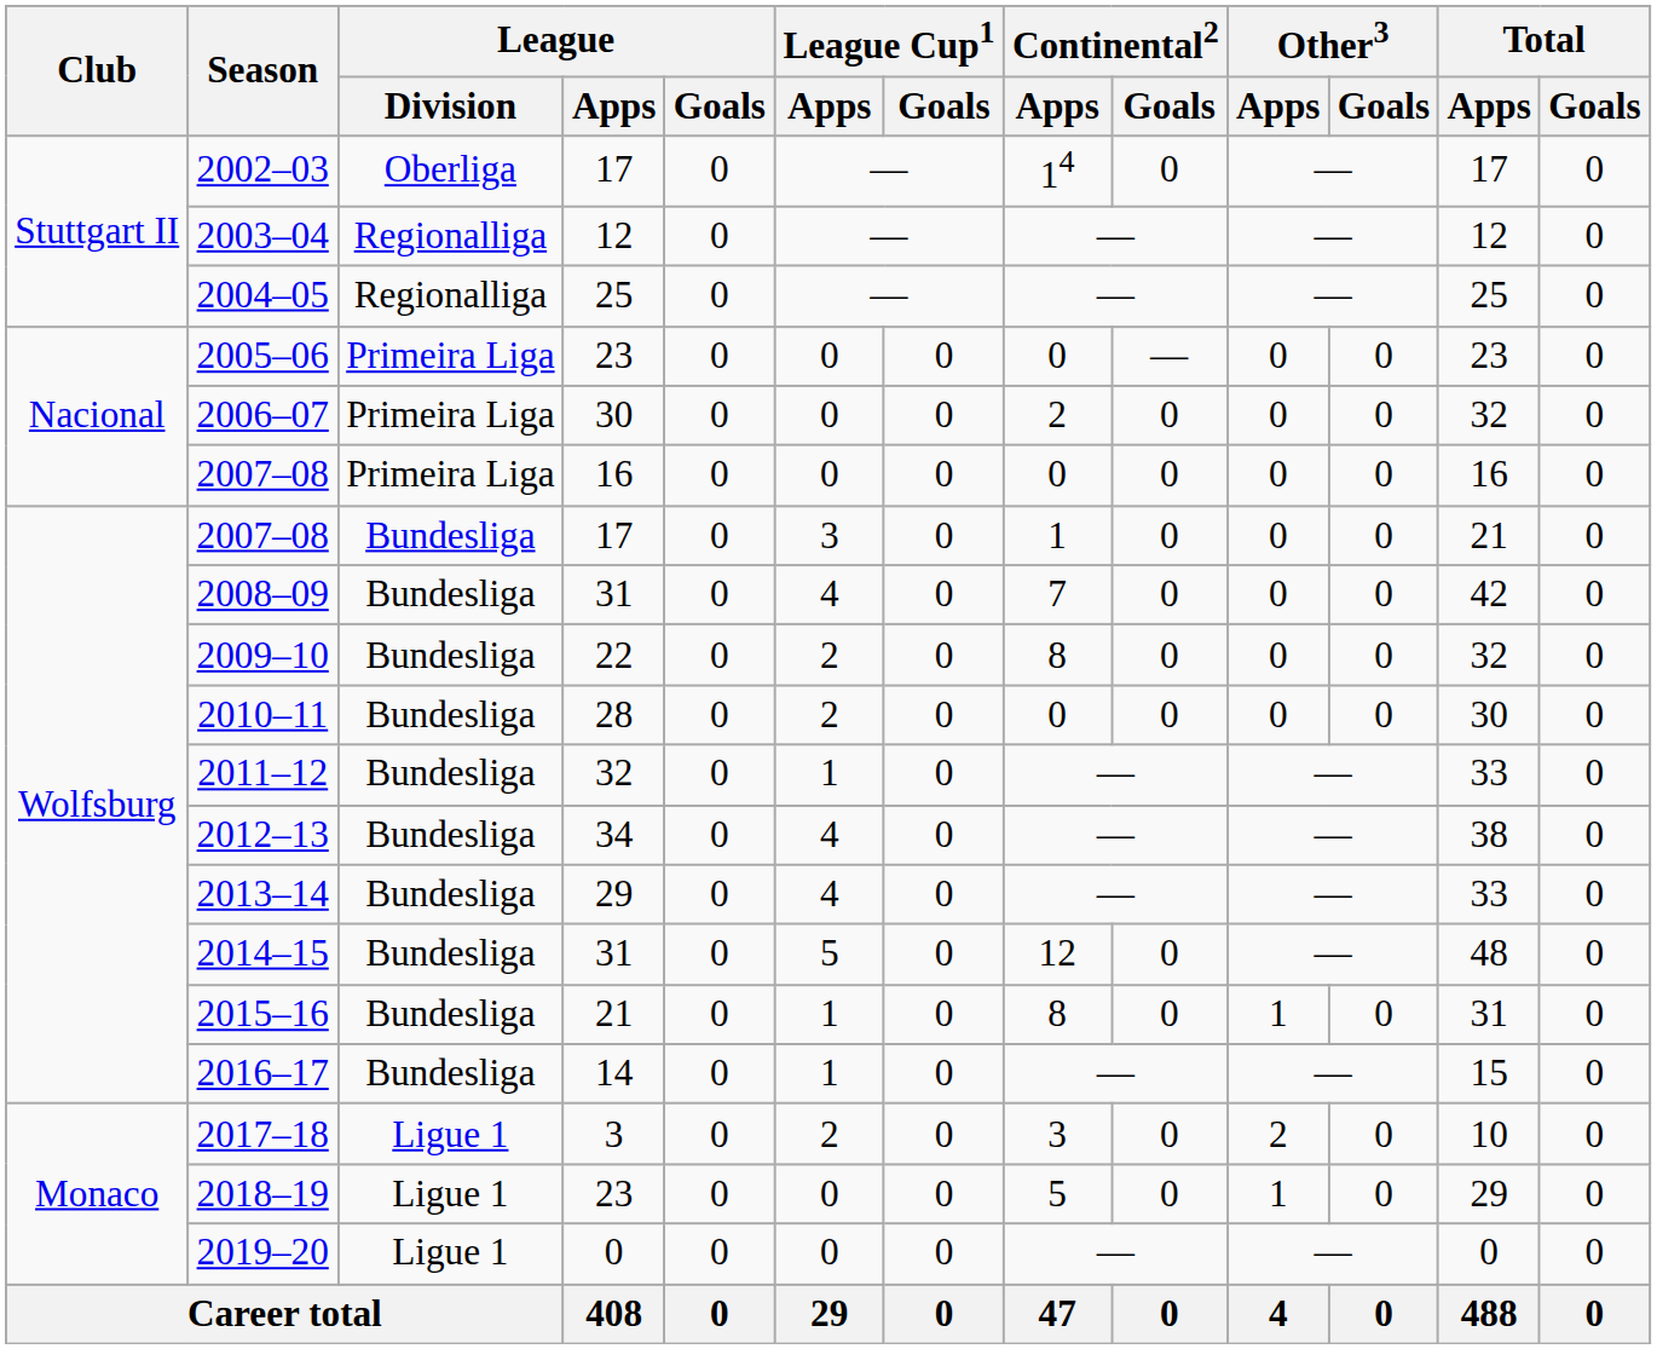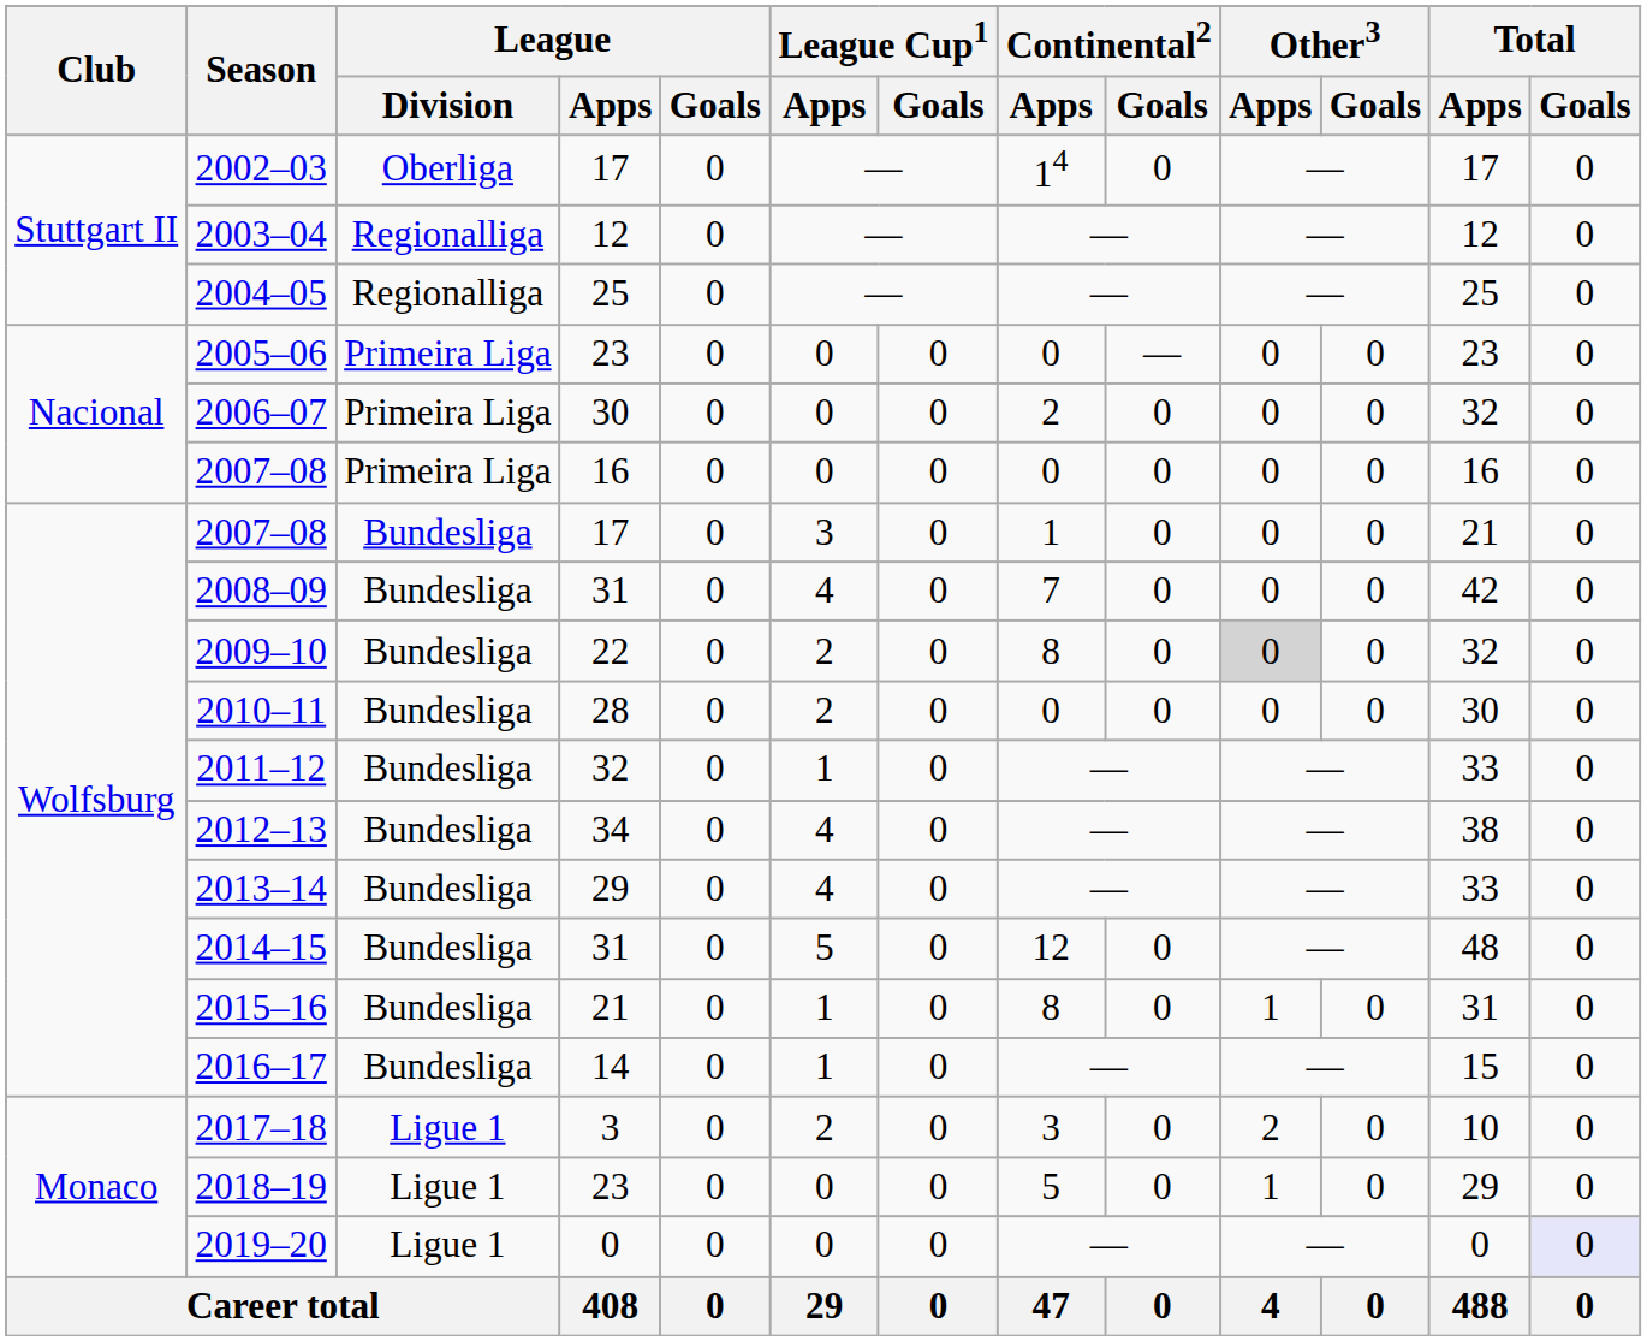 <table class=wikitable style="text-align: center;">
 <tr>
 <th rowspan=2>Club</th>
 <th rowspan=2>Season</th>
 <th colspan=3>League</th>
 <th colspan=2>League Cup<sup>1</sup></th>
 <th colspan=2>Continental<sup>2</sup></th>
 <th colspan=2>Other<sup>3</sup></th>
 <th colspan=2>Total</th>
 </tr>
 <tr>
 <th>Division</th>
 <th>Apps</th>
 <th>Goals</th>
 <th>Apps</th>
 <th>Goals</th>
 <th>Apps</th>
 <th>Goals</th>
 <th>Apps</th>
 <th>Goals</th>
 <th>Apps</th>
 <th>Goals</th>
 </tr>
 <tr>
 <td rowspan=3><a href='#'>Stuttgart II</a></td>
 <td><a href='#'>2002–03</a></td>
 <td><a href='#'>Oberliga</a></td>
 <td>17</td>
 <td>0</td>
 <td colspan=2>—</td>
 <td>1<sup>4</sup></td>
 <td>0</td>
 <td colspan=2>—</td>
 <td>17</td>
 <td>0</td>
 </tr>
 <tr>
 <td><a href='#'>2003–04</a></td>
 <td><a href='#'>Regionalliga</a></td>
 <td>12</td>
 <td>0</td>
 <td colspan=2>—</td>
 <td colspan=2>—</td>
 <td colspan=2>—</td>
 <td>12</td>
 <td>0</td>
 </tr>
 <tr>
 <td><a href='#'>2004–05</a></td>
 <td>Regionalliga</td>
 <td>25</td>
 <td>0</td>
 <td colspan=2>—</td>
 <td colspan=2>—</td>
 <td colspan=2>—</td>
 <td>25</td>
 <td>0</td>
 </tr>
 <tr>
 <td rowspan=3><a href='#'>Nacional</a></td>
 <td><a href='#'>2005–06</a></td>
 <td><a href='#'>Primeira Liga</a></td>
 <td>23</td>
 <td>0</td>
 <td>0</td>
 <td>0</td>
 <td>0</td>
 <td 0>—</td>
 <td>0</td>
 <td>0</td>
 <td>23</td>
 <td>0</td>
 </tr>
 <tr>
 <td><a href='#'>2006–07</a></td>
 <td>Primeira Liga</td>
 <td>30</td>
 <td>0</td>
 <td>0</td>
 <td>0</td>
 <td>2</td>
 <td>0</td>
 <td>0</td>
 <td>0</td>
 <td>32</td>
 <td>0</td>
 </tr>
 <tr>
 <td><a href='#'>2007–08</a></td>
 <td>Primeira Liga</td>
 <td>16</td>
 <td>0</td>
 <td>0</td>
 <td>0</td>
 <td>0</td>
 <td>0</td>
 <td>0</td>
 <td>0</td>
 <td>16</td>
 <td>0</td>
 </tr>
 <tr>
 <td rowspan=10><a href='#'>Wolfsburg</a></td>
 <td><a href='#'>2007–08</a></td>
 <td><a href='#'>Bundesliga</a></td>
 <td>17</td>
 <td>0</td>
 <td>3</td>
 <td>0</td>
 <td>1</td>
 <td>0</td>
 <td>0</td>
 <td>0</td>
 <td>21</td>
 <td>0</td>
 </tr>
 <tr>
 <td><a href='#'>2008–09</a></td>
 <td>Bundesliga</td>
 <td>31</td>
 <td>0</td>
 <td>4</td>
 <td>0</td>
 <td>7</td>
 <td>0</td>
 <td>0</td>
 <td>0</td>
 <td>42</td>
 <td>0</td>
 </tr>
 <tr>
 <td><a href='#'>2009–10</a></td>
 <td>Bundesliga</td>
 <td>22</td>
 <td>0</td>
 <td>2</td>
 <td>0</td>
 <td>8</td>
 <td>0</td>
-<td>0</td>
+<td style="background: lightgrey;">0</td>
 <td>0</td>
 <td>32</td>
 <td>0</td>
 </tr>
 <tr>
 <td><a href='#'>2010–11</a></td>
 <td>Bundesliga</td>
 <td>28</td>
 <td>0</td>
 <td>2</td>
 <td>0</td>
 <td>0</td>
 <td>0</td>
 <td>0</td>
 <td>0</td>
 <td>30</td>
 <td>0</td>
 </tr>
 <tr>
 <td><a href='#'>2011–12</a></td>
 <td>Bundesliga</td>
 <td>32</td>
 <td>0</td>
 <td>1</td>
 <td>0</td>
 <td colspan=2>—</td>
 <td colspan=2>—</td>
 <td>33</td>
 <td>0</td>
 </tr>
 <tr>
 <td><a href='#'>2012–13</a></td>
 <td>Bundesliga</td>
 <td>34</td>
 <td>0</td>
 <td>4</td>
 <td>0</td>
 <td colspan=2>—</td>
 <td colspan=2>—</td>
 <td>38</td>
 <td>0</td>
 </tr>
 <tr>
 <td><a href='#'>2013–14</a></td>
 <td>Bundesliga</td>
 <td>29</td>
 <td>0</td>
 <td>4</td>
 <td>0</td>
 <td colspan=2>—</td>
 <td colspan=2>—</td>
 <td>33</td>
 <td>0</td>
 </tr>
 <tr>
 <td><a href='#'>2014–15</a></td>
 <td>Bundesliga</td>
 <td>31</td>
 <td>0</td>
 <td>5</td>
 <td>0</td>
 <td>12</td>
 <td>0</td>
 <td colspan=2>—</td>
 <td>48</td>
 <td>0</td>
 </tr>
 <tr>
 <td><a href='#'>2015–16</a></td>
 <td>Bundesliga</td>
 <td>21</td>
 <td>0</td>
 <td>1</td>
 <td>0</td>
 <td>8</td>
 <td>0</td>
 <td>1</td>
 <td>0</td>
 <td>31</td>
 <td>0</td>
 </tr>
 <tr>
 <td><a href='#'>2016–17</a></td>
 <td>Bundesliga</td>
 <td>14</td>
 <td>0</td>
 <td>1</td>
 <td>0</td>
 <td colspan=2>—</td>
 <td colspan=2>—</td>
 <td>15</td>
 <td>0</td>
 </tr>
 <tr>
 <td rowspan=3><a href='#'>Monaco</a></td>
 <td><a href='#'>2017–18</a></td>
 <td><a href='#'>Ligue 1</a></td>
 <td>3</td>
 <td>0</td>
 <td>2</td>
 <td>0</td>
 <td>3</td>
 <td>0</td>
 <td>2</td>
 <td>0</td>
 <td>10</td>
 <td>0</td>
 </tr>
 <tr>
 <td><a href='#'>2018–19</a></td>
 <td>Ligue 1</td>
 <td>23</td>
 <td>0</td>
 <td>0</td>
 <td>0</td>
 <td>5</td>
 <td>0</td>
 <td>1</td>
 <td>0</td>
 <td>29</td>
 <td>0</td>
 </tr>
 <tr>
 <td><a href='#'>2019–20</a></td>
 <td>Ligue 1</td>
 <td>0</td>
 <td>0</td>
 <td>0</td>
 <td>0</td>
 <td colspan=2>—</td>
 <td colspan=2>—</td>
 <td>0</td>
-<td>0</td>
+<td style="background: lavender;">0</td>
 </tr>
 <tr>
 <th colspan=3>Career total</th>
 <th>408</th>
 <th>0</th>
 <th>29</th>
 <th>0</th>
 <th>47</th>
 <th>0</th>
 <th>4</th>
 <th>0</th>
 <th>488</th>
 <th>0</th>
 </tr>
 </table>
